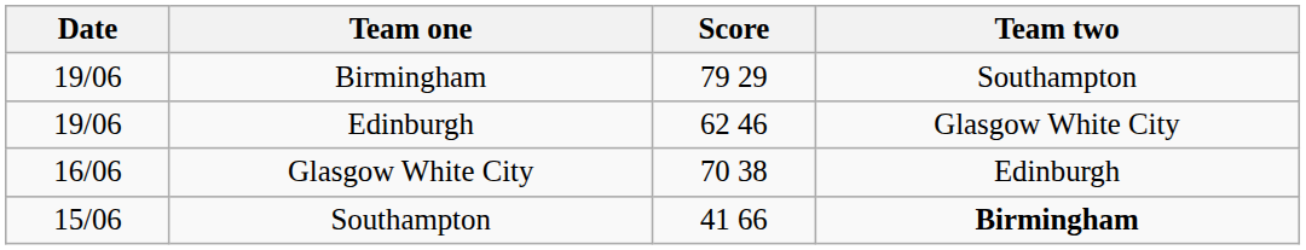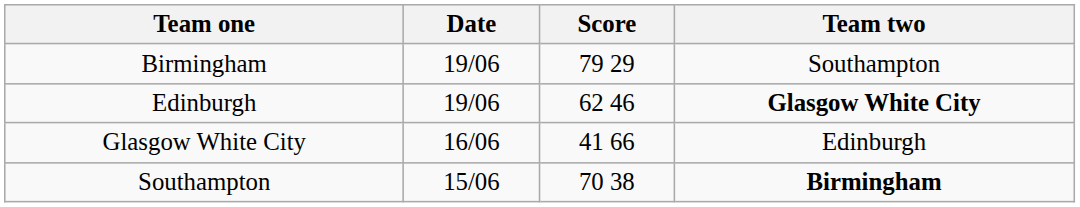 <table class="wikitable" style="text-align: center">
 <tr>
+<th width=250>Team one</th>
 <th width=80>Date</th>
-<th width=250>Team one</th>
 <th width=80>Score</th>
 <th width=250>Team two</th>
 </tr>
 <tr>
+<td>Birmingham</td>
 <td>19/06</td>
-<td>Birmingham</td>
 <td>79	29</td>
 <td>Southampton</td>
 </tr>
 <tr>
+<td>Edinburgh</td>
 <td>19/06</td>
-<td>Edinburgh</td>
 <td>62	46</td>
-<td>Glasgow White City</td>
+<td><strong>Glasgow White City</strong></td>
 </tr>
 <tr>
+<td>Glasgow White City</td>
 <td>16/06</td>
-<td>Glasgow White City</td>
-<td>70	38</td>
+<td>41	66</td>
 <td>Edinburgh</td>
 </tr>
 <tr>
+<td>Southampton</td>
 <td>15/06</td>
-<td>Southampton</td>
-<td>41	66</td>
+<td>70	38</td>
 <td><strong>Birmingham</strong></td>
 </tr>
 </table>
